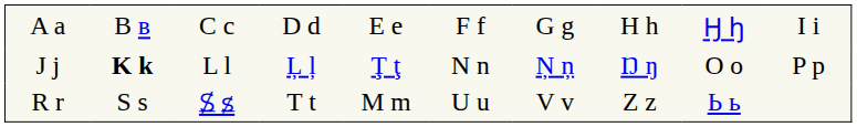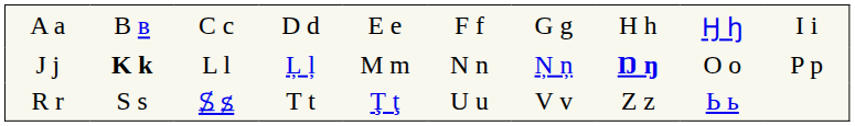 <table class="standard" cellpadding="5" style="font-family:Arial Unicode MS; font-size:1.5em; border-color:#000000; border-width:1px; border-style:solid; border-collapse:collapse; background-color:#F8F8EF">
 <tr>
 <td style="width:3em; text-align:center; padding: 3px;">A a</td>
 <td style="width:3em; text-align:center; padding: 3px;">B <a href='#'>ʙ</a></td>
 <td style="width:3em; text-align:center; padding: 3px;">C c</td>
 <td style="width:3em; text-align:center; padding: 3px;">D d</td>
 <td style="width:3em; text-align:center; padding: 3px;">E e</td>
 <td style="width:3em; text-align:center; padding: 3px;">F f</td>
 <td style="width:3em; text-align:center; padding: 3px;">G g</td>
 <td style="width:3em; text-align:center; padding: 3px;">H h</td>
 <td style="width:3em; text-align:center; padding: 3px;"><a href='#'>Ꜧ ꜧ</a></td>
 <td style="width:3em; text-align:center; padding: 3px;">I i</td>
 </tr>
 <tr>
 <td style="width:3em; text-align:center; padding: 3px;">J j</td>
 <td style="width:3em; text-align:center; padding: 3px;"><strong>K k</strong></td>
 <td style="width:3em; text-align:center; padding: 3px;">L l</td>
 <td style="width:3em; text-align:center; padding: 3px;"><a href='#'>Ļ ļ</a></td>
-<td style="width:3em; text-align:center; padding: 3px;"><a href='#'>Ţ ţ</a></td>
+<td style="width:3em; text-align:center; padding: 3px;">M m</td>
 <td style="width:3em; text-align:center; padding: 3px;">N n</td>
 <td style="width:3em; text-align:center; padding: 3px;"><a href='#'>Ņ ņ</a></td>
-<td style="width:3em; text-align:center; padding: 3px;"><a href='#'>Ŋ ŋ</a></td>
+<td style="width:3em; text-align:center; padding: 3px;"><strong><a href='#'>Ŋ ŋ</a></strong></td>
 <td style="width:3em; text-align:center; padding: 3px;">O o</td>
 <td style="width:3em; text-align:center; padding: 3px;">P p</td>
 </tr>
 <tr>
 <td style="width:3em; text-align:center; padding: 3px;">R r</td>
 <td style="width:3em; text-align:center; padding: 3px;">S s</td>
 <td style="width:3em; text-align:center; padding: 3px;"><a href='#'>Ꟍ ꟍ</a></td>
 <td style="width:3em; text-align:center; padding: 3px;">T t</td>
-<td style="width:3em; text-align:center; padding: 3px;">M m</td>
+<td style="width:3em; text-align:center; padding: 3px;"><a href='#'>Ţ ţ</a></td>
 <td style="width:3em; text-align:center; padding: 3px;">U u</td>
 <td style="width:3em; text-align:center; padding: 3px;">V v</td>
 <td style="width:3em; text-align:center; padding: 3px;">Z z</td>
 <td style="width:3em; text-align:center; padding: 3px;"><a href='#'>Ь ь</a></td>
 </tr>
 </table>
